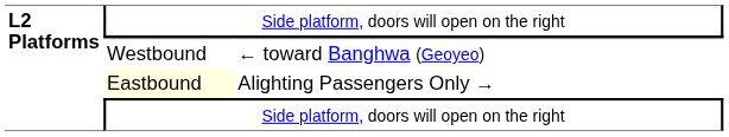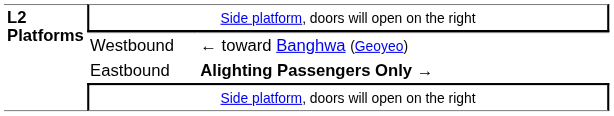 <table table border=0 cellspacing=0 cellpadding=3>
 <tr>
 <td style="border-top:solid 1px gray;border-bottom:solid 1px gray;" width=50 rowspan=10 valign=top><strong>L2<br>Platforms</strong></td>
 <td style="border-top:solid 1px gray;border-right:solid 2px black;border-left:solid 2px black;border-bottom:solid 2px black;text-align:center;" colspan=2><small><a href='#'>Side platform</a>, doors will open on the right</small></td>
 </tr>
 <tr>
 <td style="border-bottom:solid 0px gray;border-top:solid 1px gray;" width=100>Westbound</td>
 <td style="border-bottom:solid 0px gray;border-top:solid 1px gray;" width=390>←  toward <a href='#'>Banghwa</a> <small>(<a href='#'>Geoyeo</a>)</small></td>
 </tr>
 <tr>
-<td style="background: lightyellow;">Eastbound</td>
-<td>  Alighting Passengers Only →</td>
+<td>Eastbound</td>
+<td><strong>  Alighting Passengers Only →</strong></td>
 </tr>
 <tr>
 <td style="border-top:solid 2px black;border-right:solid 2px black;border-left:solid 2px black;border-bottom:solid 1px gray;text-align:center;" colspan=2><small><a href='#'>Side platform</a>, doors will open on the right</small></td>
 </tr>
 </table>
